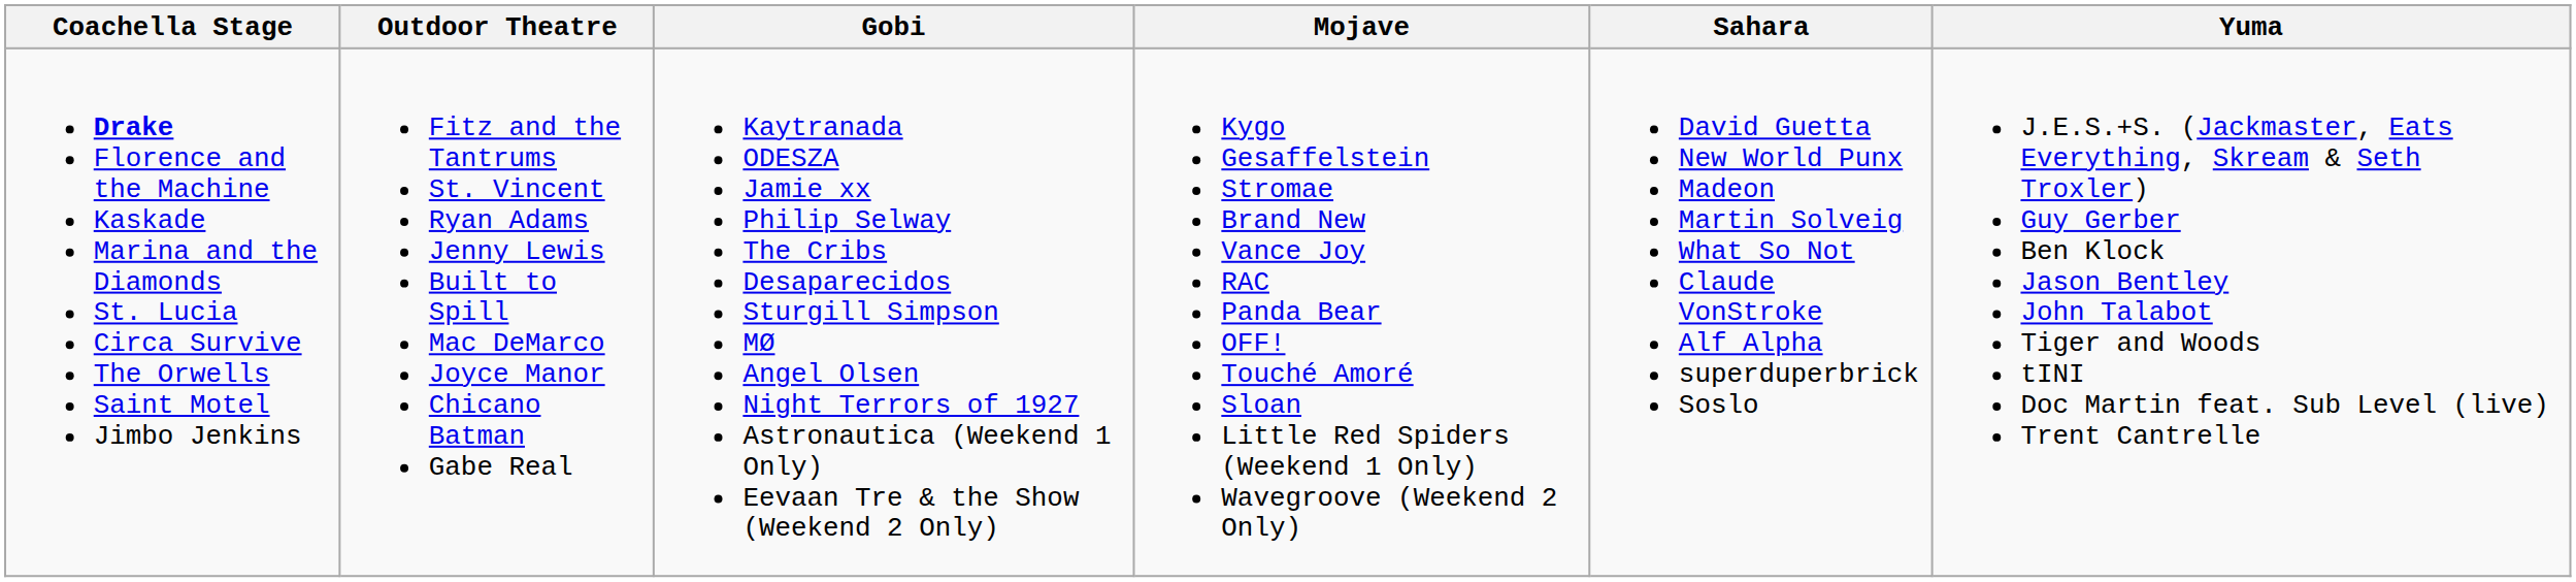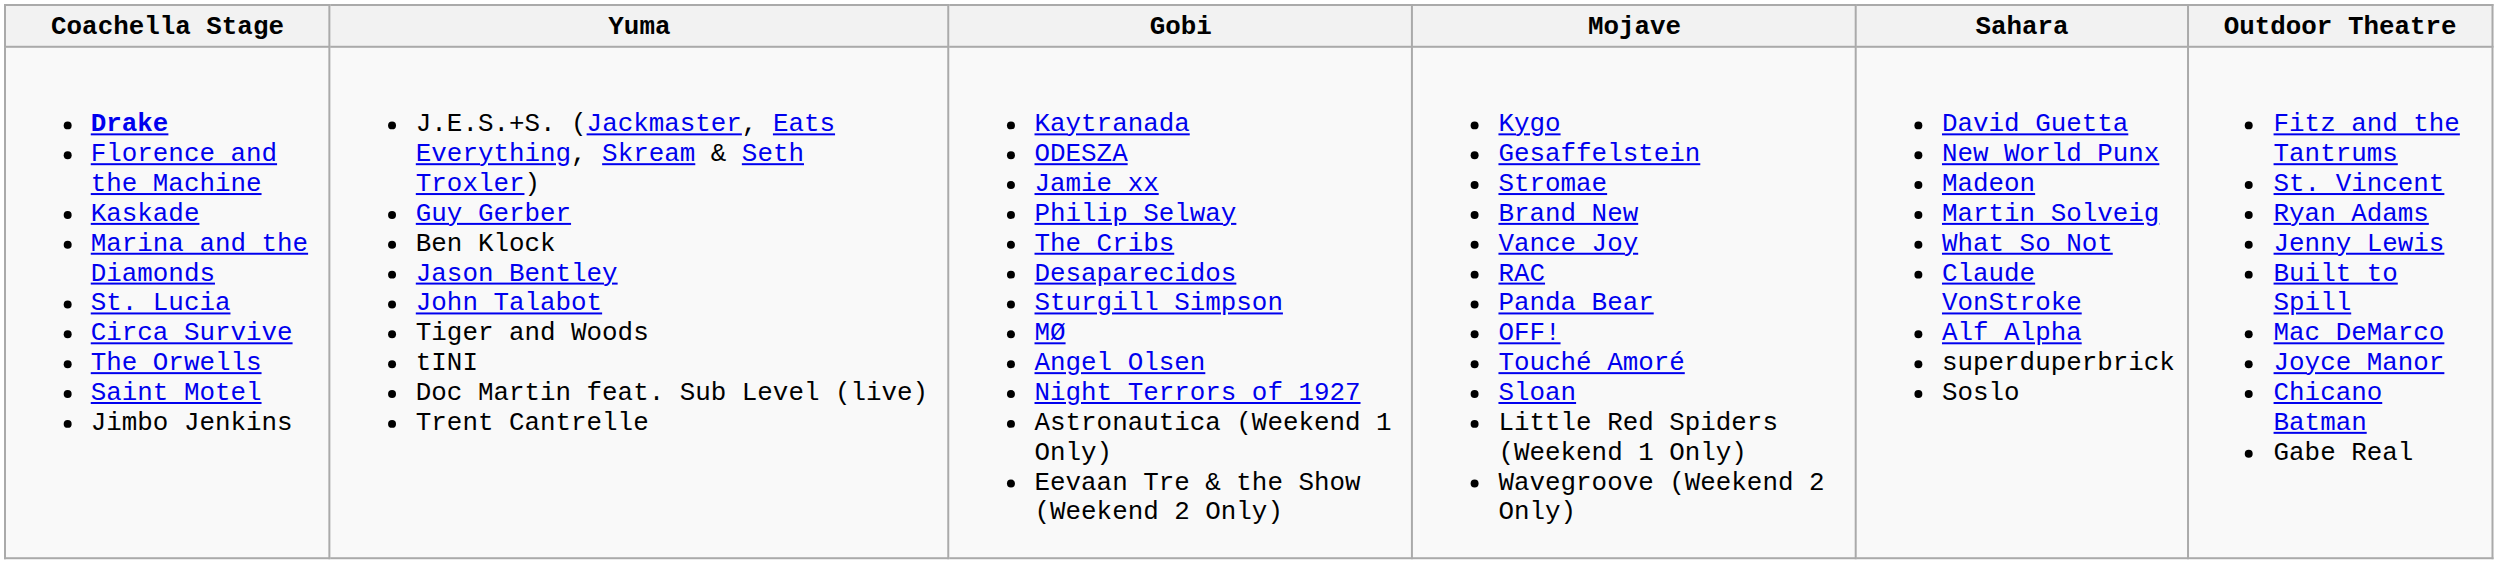 <table class="wikitable">
 <tr>
 <th>Coachella Stage</th>
-<th>Outdoor Theatre</th>
+<th>Yuma</th>
 <th>Gobi</th>
 <th>Mojave</th>
 <th>Sahara</th>
-<th>Yuma</th>
+<th>Outdoor Theatre</th>
 </tr>
 <tr valign="top">
 <td><br><ul><li><strong><a href='#'>Drake</a></strong></li><li><a href='#'>Florence and the Machine</a></li><li><a href='#'>Kaskade</a></li><li><a href='#'>Marina and the Diamonds</a></li><li><a href='#'>St. Lucia</a></li><li><a href='#'>Circa Survive</a></li><li><a href='#'>The Orwells</a></li><li><a href='#'>Saint Motel</a></li><li>Jimbo Jenkins</li></ul></td>
-<td><br><ul><li><a href='#'>Fitz and the Tantrums</a></li><li><a href='#'>St. Vincent</a></li><li><a href='#'>Ryan Adams</a></li><li><a href='#'>Jenny Lewis</a></li><li><a href='#'>Built to Spill</a></li><li><a href='#'>Mac DeMarco</a></li><li><a href='#'>Joyce Manor</a></li><li><a href='#'>Chicano Batman</a></li><li>Gabe Real</li></ul></td>
+<td><br><ul><li>J.E.S.+S. (<a href='#'>Jackmaster</a>, <a href='#'>Eats Everything</a>, <a href='#'>Skream</a> & <a href='#'>Seth Troxler</a>)</li><li><a href='#'>Guy Gerber</a></li><li>Ben Klock</li><li><a href='#'>Jason Bentley</a></li><li><a href='#'>John Talabot</a></li><li>Tiger and Woods</li><li>tINI</li><li>Doc Martin feat. Sub Level (live)</li><li>Trent Cantrelle</li></ul></td>
 <td><br><ul><li><a href='#'>Kaytranada</a></li><li><a href='#'>ODESZA</a></li><li><a href='#'>Jamie xx</a></li><li><a href='#'>Philip Selway</a></li><li><a href='#'>The Cribs</a></li><li><a href='#'>Desaparecidos</a></li><li><a href='#'>Sturgill Simpson</a></li><li><a href='#'>MØ</a></li><li><a href='#'>Angel Olsen</a></li><li><a href='#'>Night Terrors of 1927</a></li><li>Astronautica (Weekend 1 Only)</li><li>Eevaan Tre & the Show (Weekend 2 Only)</li></ul></td>
 <td><br><ul><li><a href='#'>Kygo</a></li><li><a href='#'>Gesaffelstein</a></li><li><a href='#'>Stromae</a></li><li><a href='#'>Brand New</a></li><li><a href='#'>Vance Joy</a></li><li><a href='#'>RAC</a></li><li><a href='#'>Panda Bear</a></li><li><a href='#'>OFF!</a></li><li><a href='#'>Touché Amoré</a></li><li><a href='#'>Sloan</a></li><li>Little Red Spiders (Weekend 1 Only)</li><li>Wavegroove (Weekend 2 Only)</li></ul></td>
 <td><br><ul><li><a href='#'>David Guetta</a></li><li><a href='#'>New World Punx</a></li><li><a href='#'>Madeon</a></li><li><a href='#'>Martin Solveig</a></li><li><a href='#'>What So Not</a></li><li><a href='#'>Claude VonStroke</a></li><li><a href='#'>Alf Alpha</a></li><li>superduperbrick</li><li>Soslo</li></ul></td>
-<td><br><ul><li>J.E.S.+S. (<a href='#'>Jackmaster</a>, <a href='#'>Eats Everything</a>, <a href='#'>Skream</a> & <a href='#'>Seth Troxler</a>)</li><li><a href='#'>Guy Gerber</a></li><li>Ben Klock</li><li><a href='#'>Jason Bentley</a></li><li><a href='#'>John Talabot</a></li><li>Tiger and Woods</li><li>tINI</li><li>Doc Martin feat. Sub Level (live)</li><li>Trent Cantrelle</li></ul></td>
+<td><br><ul><li><a href='#'>Fitz and the Tantrums</a></li><li><a href='#'>St. Vincent</a></li><li><a href='#'>Ryan Adams</a></li><li><a href='#'>Jenny Lewis</a></li><li><a href='#'>Built to Spill</a></li><li><a href='#'>Mac DeMarco</a></li><li><a href='#'>Joyce Manor</a></li><li><a href='#'>Chicano Batman</a></li><li>Gabe Real</li></ul></td>
 </tr>
 </table>
